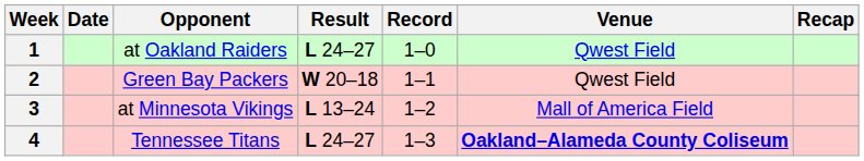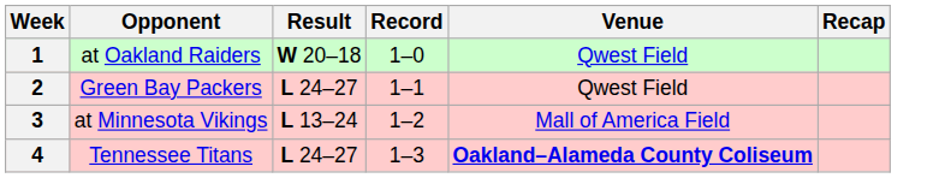 <table class="wikitable" style="text-align:center">
 <tr>
 <th>Week</th>
-<th>Date</th>
 <th>Opponent</th>
 <th>Result</th>
 <th>Record</th>
 <th>Venue</th>
 <th>Recap</th>
 </tr>
 <tr style="background:#cfc">
 <th>1</th>
-<td></td>
 <td>at <a href='#'>Oakland Raiders</a></td>
-<td><strong>L</strong> 24–27</td>
+<td><strong>W</strong> 20–18</td>
 <td>1–0</td>
 <td><a href='#'>Qwest Field</a></td>
 <td></td>
 </tr>
 <tr style="background:#fcc">
 <th>2</th>
-<td></td>
 <td><a href='#'>Green Bay Packers</a></td>
-<td><strong>W</strong> 20–18</td>
+<td><strong>L</strong> 24–27</td>
 <td>1–1</td>
 <td>Qwest Field</td>
 <td></td>
 </tr>
 <tr style="background:#fcc">
 <th>3</th>
-<td></td>
 <td>at <a href='#'>Minnesota Vikings</a></td>
 <td><strong>L</strong> 13–24</td>
 <td>1–2</td>
 <td><a href='#'>Mall of America Field</a></td>
 <td></td>
 </tr>
 <tr style="background:#fcc">
 <th>4</th>
-<td></td>
 <td><a href='#'>Tennessee Titans</a></td>
 <td><strong>L</strong> 24–27</td>
 <td>1–3</td>
 <td><strong><a href='#'>Oakland–Alameda County Coliseum</a></strong></td>
 <td></td>
 </tr>
 </table>
